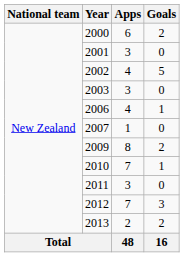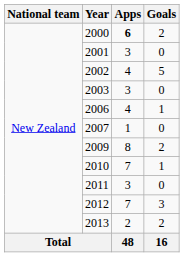 <table class="wikitable" style="text-align:center">
 <tr>
 <th>National team</th>
 <th>Year</th>
 <th>Apps</th>
 <th>Goals</th>
 </tr>
 <tr>
 <td rowspan="11"><a href='#'>New Zealand</a></td>
 <td>2000</td>
-<td>6</td>
+<td><strong>6</strong></td>
 <td>2</td>
 </tr>
 <tr>
 <td>2001</td>
 <td>3</td>
 <td>0</td>
 </tr>
 <tr>
 <td>2002</td>
 <td>4</td>
 <td>5</td>
 </tr>
 <tr>
 <td>2003</td>
 <td>3</td>
 <td>0</td>
 </tr>
 <tr>
 <td>2006</td>
 <td>4</td>
 <td>1</td>
 </tr>
 <tr>
 <td>2007</td>
 <td>1</td>
 <td>0</td>
 </tr>
 <tr>
 <td>2009</td>
 <td>8</td>
 <td>2</td>
 </tr>
 <tr>
 <td>2010</td>
 <td>7</td>
 <td>1</td>
 </tr>
 <tr>
 <td>2011</td>
 <td>3</td>
 <td>0</td>
 </tr>
 <tr>
 <td>2012</td>
 <td>7</td>
 <td>3</td>
 </tr>
 <tr>
 <td>2013</td>
 <td>2</td>
 <td>2</td>
 </tr>
 <tr>
 <th colspan="2">Total</th>
 <th>48</th>
 <th>16</th>
 </tr>
 </table>
